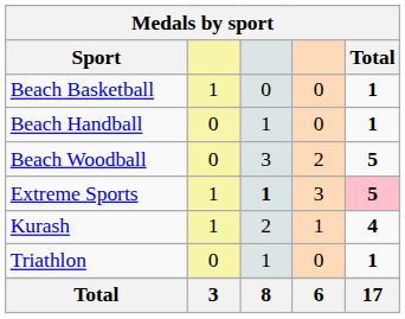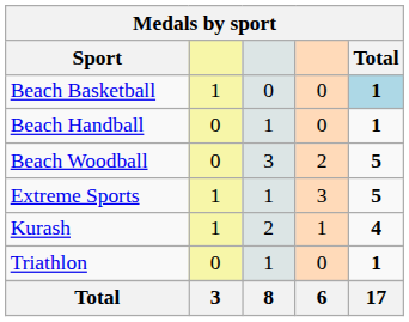 <table class="wikitable" style="font-size:90%; text-align:center;">
 <tr>
 <th colspan=5>Medals by sport</th>
 </tr>
 <tr>
 <th width=120>Sport</th>
 <th scope="col" width=30 style="background:#F7F6A8;"></th>
 <th scope="col" width=30 style="background:#DCE5E5;"></th>
 <th scope="col" width=30 style="background:#FFDAB9;"></th>
 <th width=30>Total</th>
 </tr>
 <tr>
 <td align=left> <a href='#'>Beach Basketball</a></td>
 <td style="background:#F7F6A8;">1</td>
 <td style="background:#DCE5E5;">0</td>
 <td style="background:#FFDAB9;">0</td>
-<td><strong>1</strong></td>
+<td style="background: lightblue;"><strong>1</strong></td>
 </tr>
 <tr>
 <td align=left> <a href='#'>Beach Handball</a></td>
 <td style="background:#F7F6A8;">0</td>
 <td style="background:#DCE5E5;">1</td>
 <td style="background:#FFDAB9;">0</td>
 <td><strong>1</strong></td>
 </tr>
 <tr>
 <td align=left> <a href='#'>Beach Woodball</a></td>
 <td style="background:#F7F6A8;">0</td>
 <td style="background:#DCE5E5;">3</td>
 <td style="background:#FFDAB9;">2</td>
 <td><strong>5</strong></td>
 </tr>
 <tr>
 <td align=left> <a href='#'>Extreme Sports</a></td>
 <td style="background:#F7F6A8;">1</td>
-<td style="background:#DCE5E5;"><strong>1</strong></td>
+<td style="background:#DCE5E5;">1</td>
 <td style="background:#FFDAB9;">3</td>
-<td style="background: pink;"><strong>5</strong></td>
+<td><strong>5</strong></td>
 </tr>
 <tr>
 <td align=left> <a href='#'>Kurash</a></td>
 <td style="background:#F7F6A8;">1</td>
 <td style="background:#DCE5E5;">2</td>
 <td style="background:#FFDAB9;">1</td>
 <td><strong>4</strong></td>
 </tr>
 <tr>
 <td align=left> <a href='#'>Triathlon</a></td>
 <td style="background:#F7F6A8;">0</td>
 <td style="background:#DCE5E5;">1</td>
 <td style="background:#FFDAB9;">0</td>
 <td><strong>1</strong></td>
 </tr>
 <tr>
 </tr>
 <tr class="sortbottom">
 <th>Total</th>
 <th>3</th>
 <th>8</th>
 <th>6</th>
 <th>17</th>
 </tr>
 </table>
